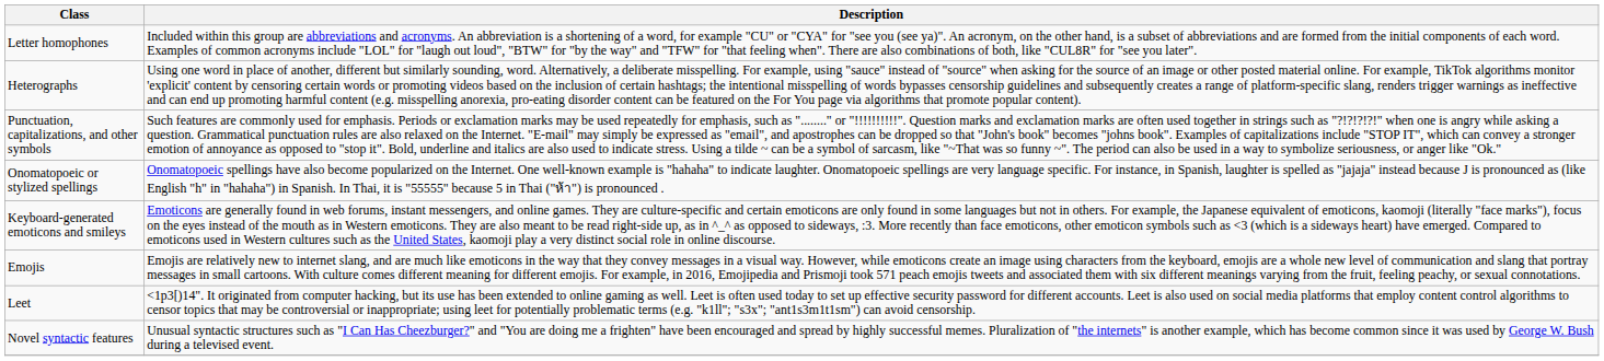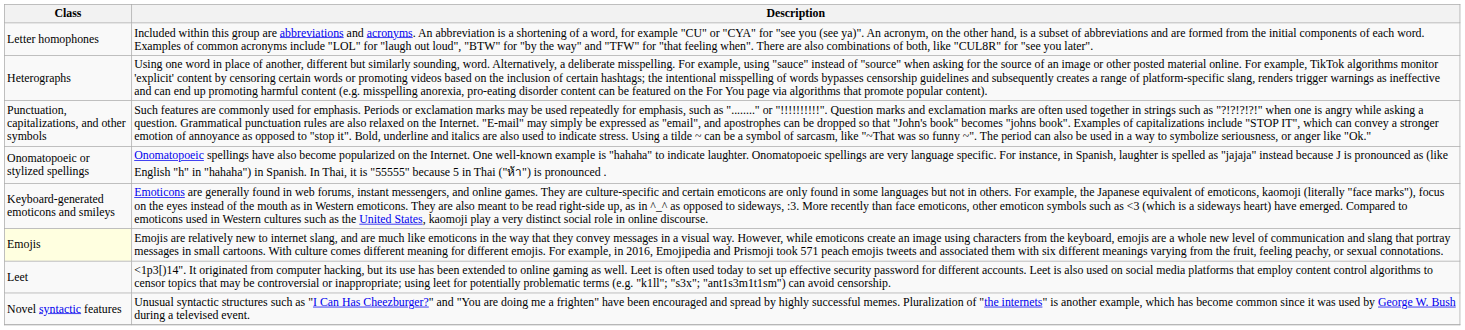 <table class="wikitable">
 <tr>
 <th>Class</th>
 <th>Description</th>
 </tr>
 <tr>
 <td>Letter homophones</td>
 <td>Included within this group are <a href='#'>abbreviations</a> and <a href='#'>acronyms</a>. An abbreviation is a shortening of a word, for example "CU" or "CYA" for "see you (see ya)". An acronym, on the other hand, is a subset of abbreviations and are formed from the initial components of each word. Examples of common acronyms include "LOL" for "laugh out loud", "BTW" for "by the way" and "TFW" for "that feeling when". There are also combinations of both, like "CUL8R" for "see you later".</td>
 </tr>
 <tr>
 <td>Heterographs</td>
 <td>Using one word in place of another, different but similarly sounding, word. Alternatively, a deliberate misspelling. For example, using "sauce" instead of "source" when asking for the source of an image or other posted material online. For example, TikTok algorithms monitor 'explicit' content by censoring certain words or promoting videos based on the inclusion of certain hashtags; the intentional misspelling of words bypasses censorship guidelines and subsequently creates a range of platform-specific slang, renders trigger warnings as ineffective and can end up promoting harmful content (e.g. misspelling anorexia, pro-eating disorder content can be featured on the For You page via algorithms that promote popular content).</td>
 </tr>
 <tr>
 <td>Punctuation, capitalizations, and other symbols</td>
 <td>Such features are commonly used for emphasis. Periods or exclamation marks may be used repeatedly for emphasis, such as "........" or "!!!!!!!!!!". Question marks and exclamation marks are often used together in strings such as "?!?!?!?!" when one is angry while asking a question. Grammatical punctuation rules are also relaxed on the Internet. "E-mail" may simply be expressed as "email", and apostrophes can be dropped so that "John's book" becomes "johns book". Examples of capitalizations include "STOP IT", which can convey a stronger emotion of annoyance as opposed to "stop it". Bold, underline and italics are also used to indicate stress. Using a tilde ~ can be a symbol of sarcasm, like "~That was so funny ~". The period can also be used in a way to symbolize seriousness, or anger like "Ok."</td>
 </tr>
 <tr>
 <td>Onomatopoeic or stylized spellings</td>
 <td><a href='#'>Onomatopoeic</a> spellings have also become popularized on the Internet. One well-known example is "hahaha" to indicate laughter. Onomatopoeic spellings are very language specific. For instance, in Spanish, laughter is spelled as "jajaja" instead because J is pronounced as  (like English "h" in "hahaha") in Spanish. In Thai, it is "55555" because 5 in Thai ("ห้า") is pronounced .</td>
 </tr>
 <tr>
 <td>Keyboard-generated emoticons and smileys</td>
 <td><a href='#'>Emoticons</a> are generally found in web forums, instant messengers, and online games. They are culture-specific and certain emoticons are only found in some languages but not in others. For example, the Japanese equivalent of emoticons, kaomoji (literally "face marks"), focus on the eyes instead of the mouth as in Western emoticons. They are also meant to be read right-side up, as in ^_^ as opposed to sideways, :3. More recently than face emoticons, other emoticon symbols such as <3 (which is a sideways heart) have emerged. Compared to emoticons used in Western cultures such as the <a href='#'>United States</a>, kaomoji play a very distinct social role in online discourse.</td>
 </tr>
 <tr>
-<td>Emojis</td>
+<td style="background: lightyellow;">Emojis</td>
 <td>Emojis are relatively new to internet slang, and are much like emoticons in the way that they convey messages in a visual way. However, while emoticons create an image using characters from the keyboard, emojis are a whole new level of communication and slang that portray messages in small cartoons. With culture comes different meaning for different emojis. For example, in 2016, Emojipedia and Prismoji took 571 peach emojis tweets and associated them with six different meanings varying from the fruit, feeling peachy, or sexual connotations.</td>
 </tr>
 <tr>
 <td>Leet</td>
 <td><1p3[)14". It originated from computer hacking, but its use has been extended to online gaming as well. Leet is often used today to set up effective security password for different accounts. Leet is also used on social media platforms that employ content control algorithms to censor topics that may be controversial or inappropriate; using leet for potentially problematic terms (e.g. "k1ll"; "s3x"; "ant1s3m1t1sm") can avoid censorship.</td>
 </tr>
 <tr>
 <td>Novel <a href='#'>syntactic</a> features</td>
 <td>Unusual syntactic structures such as "<a href='#'>I Can Has Cheezburger?</a>" and "You are doing me a frighten" have been encouraged and spread by highly successful memes. Pluralization of "<a href='#'>the internets</a>" is another example, which has become common since it was used by <a href='#'>George W. Bush</a> during a televised event.</td>
 </tr>
 <tr>
 </tr>
 </table>
